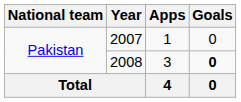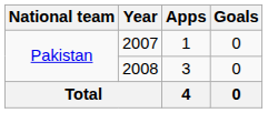 <table class="wikitable" style="text-align:center">
 <tr>
 <th>National team</th>
 <th>Year</th>
 <th>Apps</th>
 <th>Goals</th>
 </tr>
 <tr>
 <td rowspan="2"><a href='#'>Pakistan</a></td>
 <td>2007</td>
 <td>1</td>
 <td>0</td>
 </tr>
 <tr>
 <td>2008</td>
 <td>3</td>
-<td><strong>0</strong></td>
+<td>0</td>
 </tr>
 <tr>
 <th colspan="2">Total</th>
 <th>4</th>
 <th>0</th>
 </tr>
 </table>
